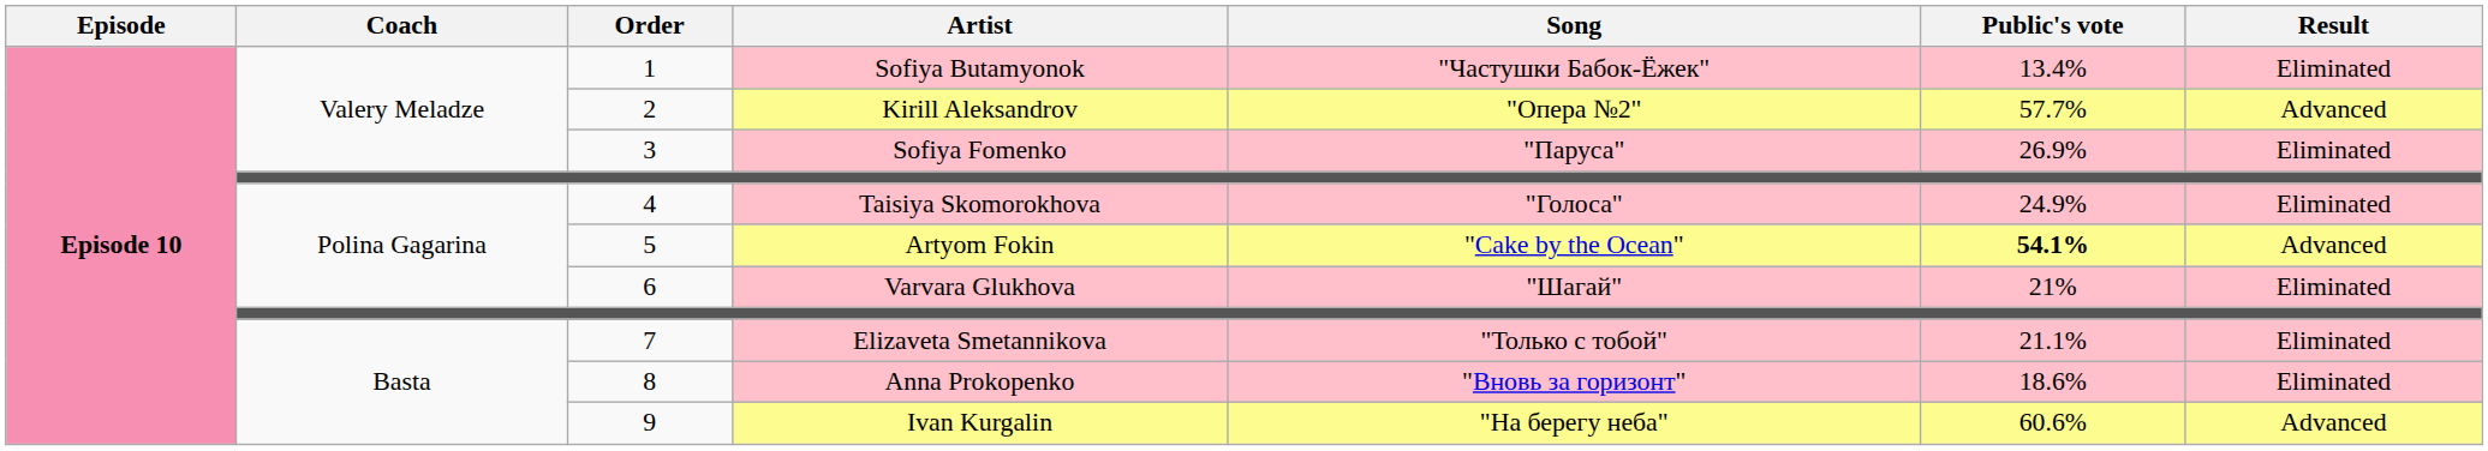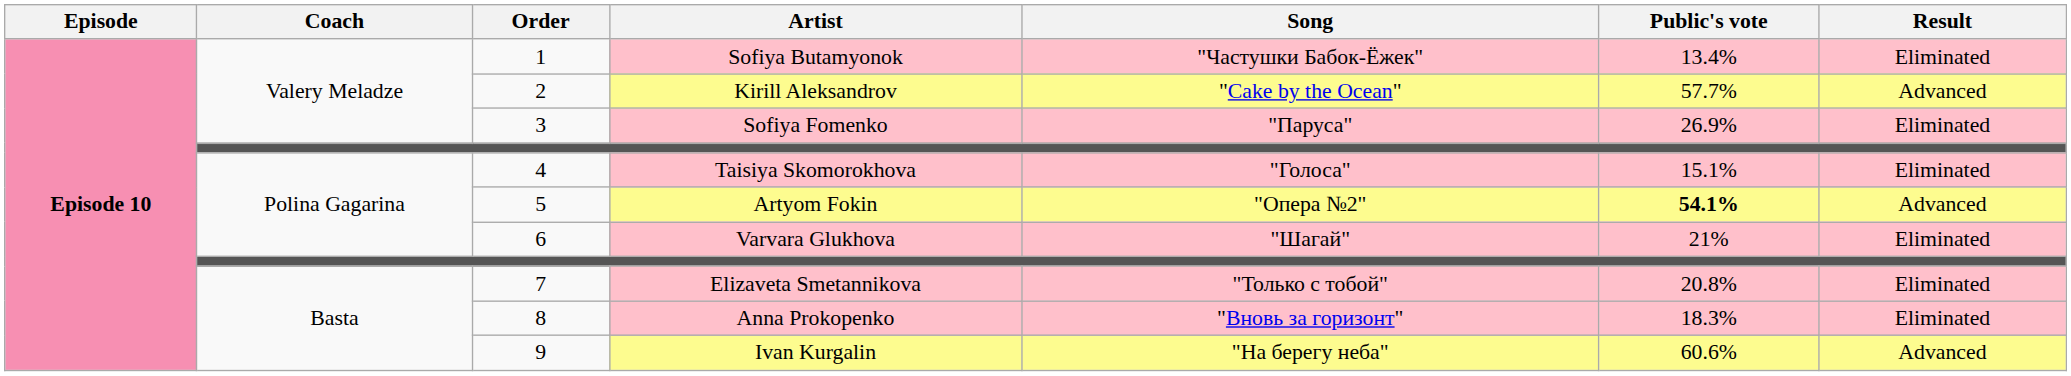 <table class="wikitable" style="text-align:center; width:120%;">
 <tr>
 <th style="width:07%;">Episode</th>
 <th style="width:10%;">Coach</th>
 <th style="width:05%;">Order</th>
 <th style="width:15%;">Artist</th>
 <th style="width:21%;">Song</th>
 <th style="width:08%;">Public's vote</th>
 <th style="width:09%;">Result</th>
 </tr>
 <tr>
 <th rowspan=11 style="background:#f78fb2;">Episode 10 <br>  </th>
 <td rowspan=3>Valery Meladze</td>
 <td>1</td>
 <td style="background:pink;">Sofiya Butamyonok</td>
 <td style="background:pink;">"Частушки Бабок-Ёжек"</td>
 <td style="background:pink;">13.4%</td>
 <td style="background:pink;">Eliminated</td>
 </tr>
 <tr>
 <td>2</td>
 <td style="background:#fdfc8f;">Kirill Aleksandrov</td>
-<td style="background:#fdfc8f;">"Опера №2"</td>
+<td style="background:#fdfc8f;">"<a href='#'>Cake by the Ocean</a>"</td>
 <td style="background:#fdfc8f;">57.7%</td>
 <td style="background:#fdfc8f;">Advanced</td>
 </tr>
 <tr>
 <td>3</td>
 <td style="background:pink;">Sofiya Fomenko</td>
 <td style="background:pink;">"Паруса"</td>
 <td style="background:pink;">26.9%</td>
 <td style="background:pink;">Eliminated</td>
 </tr>
 <tr>
 <td colspan=6 style="background:#555555;"></td>
 </tr>
 <tr>
 <td rowspan=3>Polina Gagarina</td>
 <td>4</td>
 <td style="background:pink;">Taisiya Skomorokhova</td>
 <td style="background:pink;">"Голоса"</td>
-<td style="background:pink;">24.9%</td>
+<td style="background:pink;">15.1%</td>
 <td style="background:pink;">Eliminated</td>
 </tr>
 <tr>
 <td>5</td>
 <td style="background:#fdfc8f;">Artyom Fokin</td>
-<td style="background:#fdfc8f;">"<a href='#'>Cake by the Ocean</a>"</td>
+<td style="background:#fdfc8f;">"Опера №2"</td>
 <td style="background:#fdfc8f;"><strong>54.1%</strong></td>
 <td style="background:#fdfc8f;">Advanced</td>
 </tr>
 <tr>
 <td>6</td>
 <td style="background:pink;">Varvara Glukhova</td>
 <td style="background:pink;">"Шагай"</td>
 <td style="background:pink;">21%</td>
 <td style="background:pink;">Eliminated</td>
 </tr>
 <tr>
 <td colspan=6 style="background:#555555;"></td>
 </tr>
 <tr>
 <td rowspan=3>Basta</td>
 <td>7</td>
 <td style="background:pink;">Elizaveta Smetannikova</td>
 <td style="background:pink;">"Только с тобой"</td>
-<td style="background:pink;">21.1%</td>
+<td style="background:pink;">20.8%</td>
 <td style="background:pink;">Eliminated</td>
 </tr>
 <tr>
 <td>8</td>
 <td style="background:pink;">Anna Prokopenko</td>
 <td style="background:pink;">"<a href='#'>Вновь за горизонт</a>"</td>
-<td style="background:pink;">18.6%</td>
+<td style="background:pink;">18.3%</td>
 <td style="background:pink;">Eliminated</td>
 </tr>
 <tr>
 <td>9</td>
 <td style="background:#fdfc8f;">Ivan Kurgalin</td>
 <td style="background:#fdfc8f;">"На берегу неба"</td>
 <td style="background:#fdfc8f;">60.6%</td>
 <td style="background:#fdfc8f;">Advanced</td>
 </tr>
 </table>
